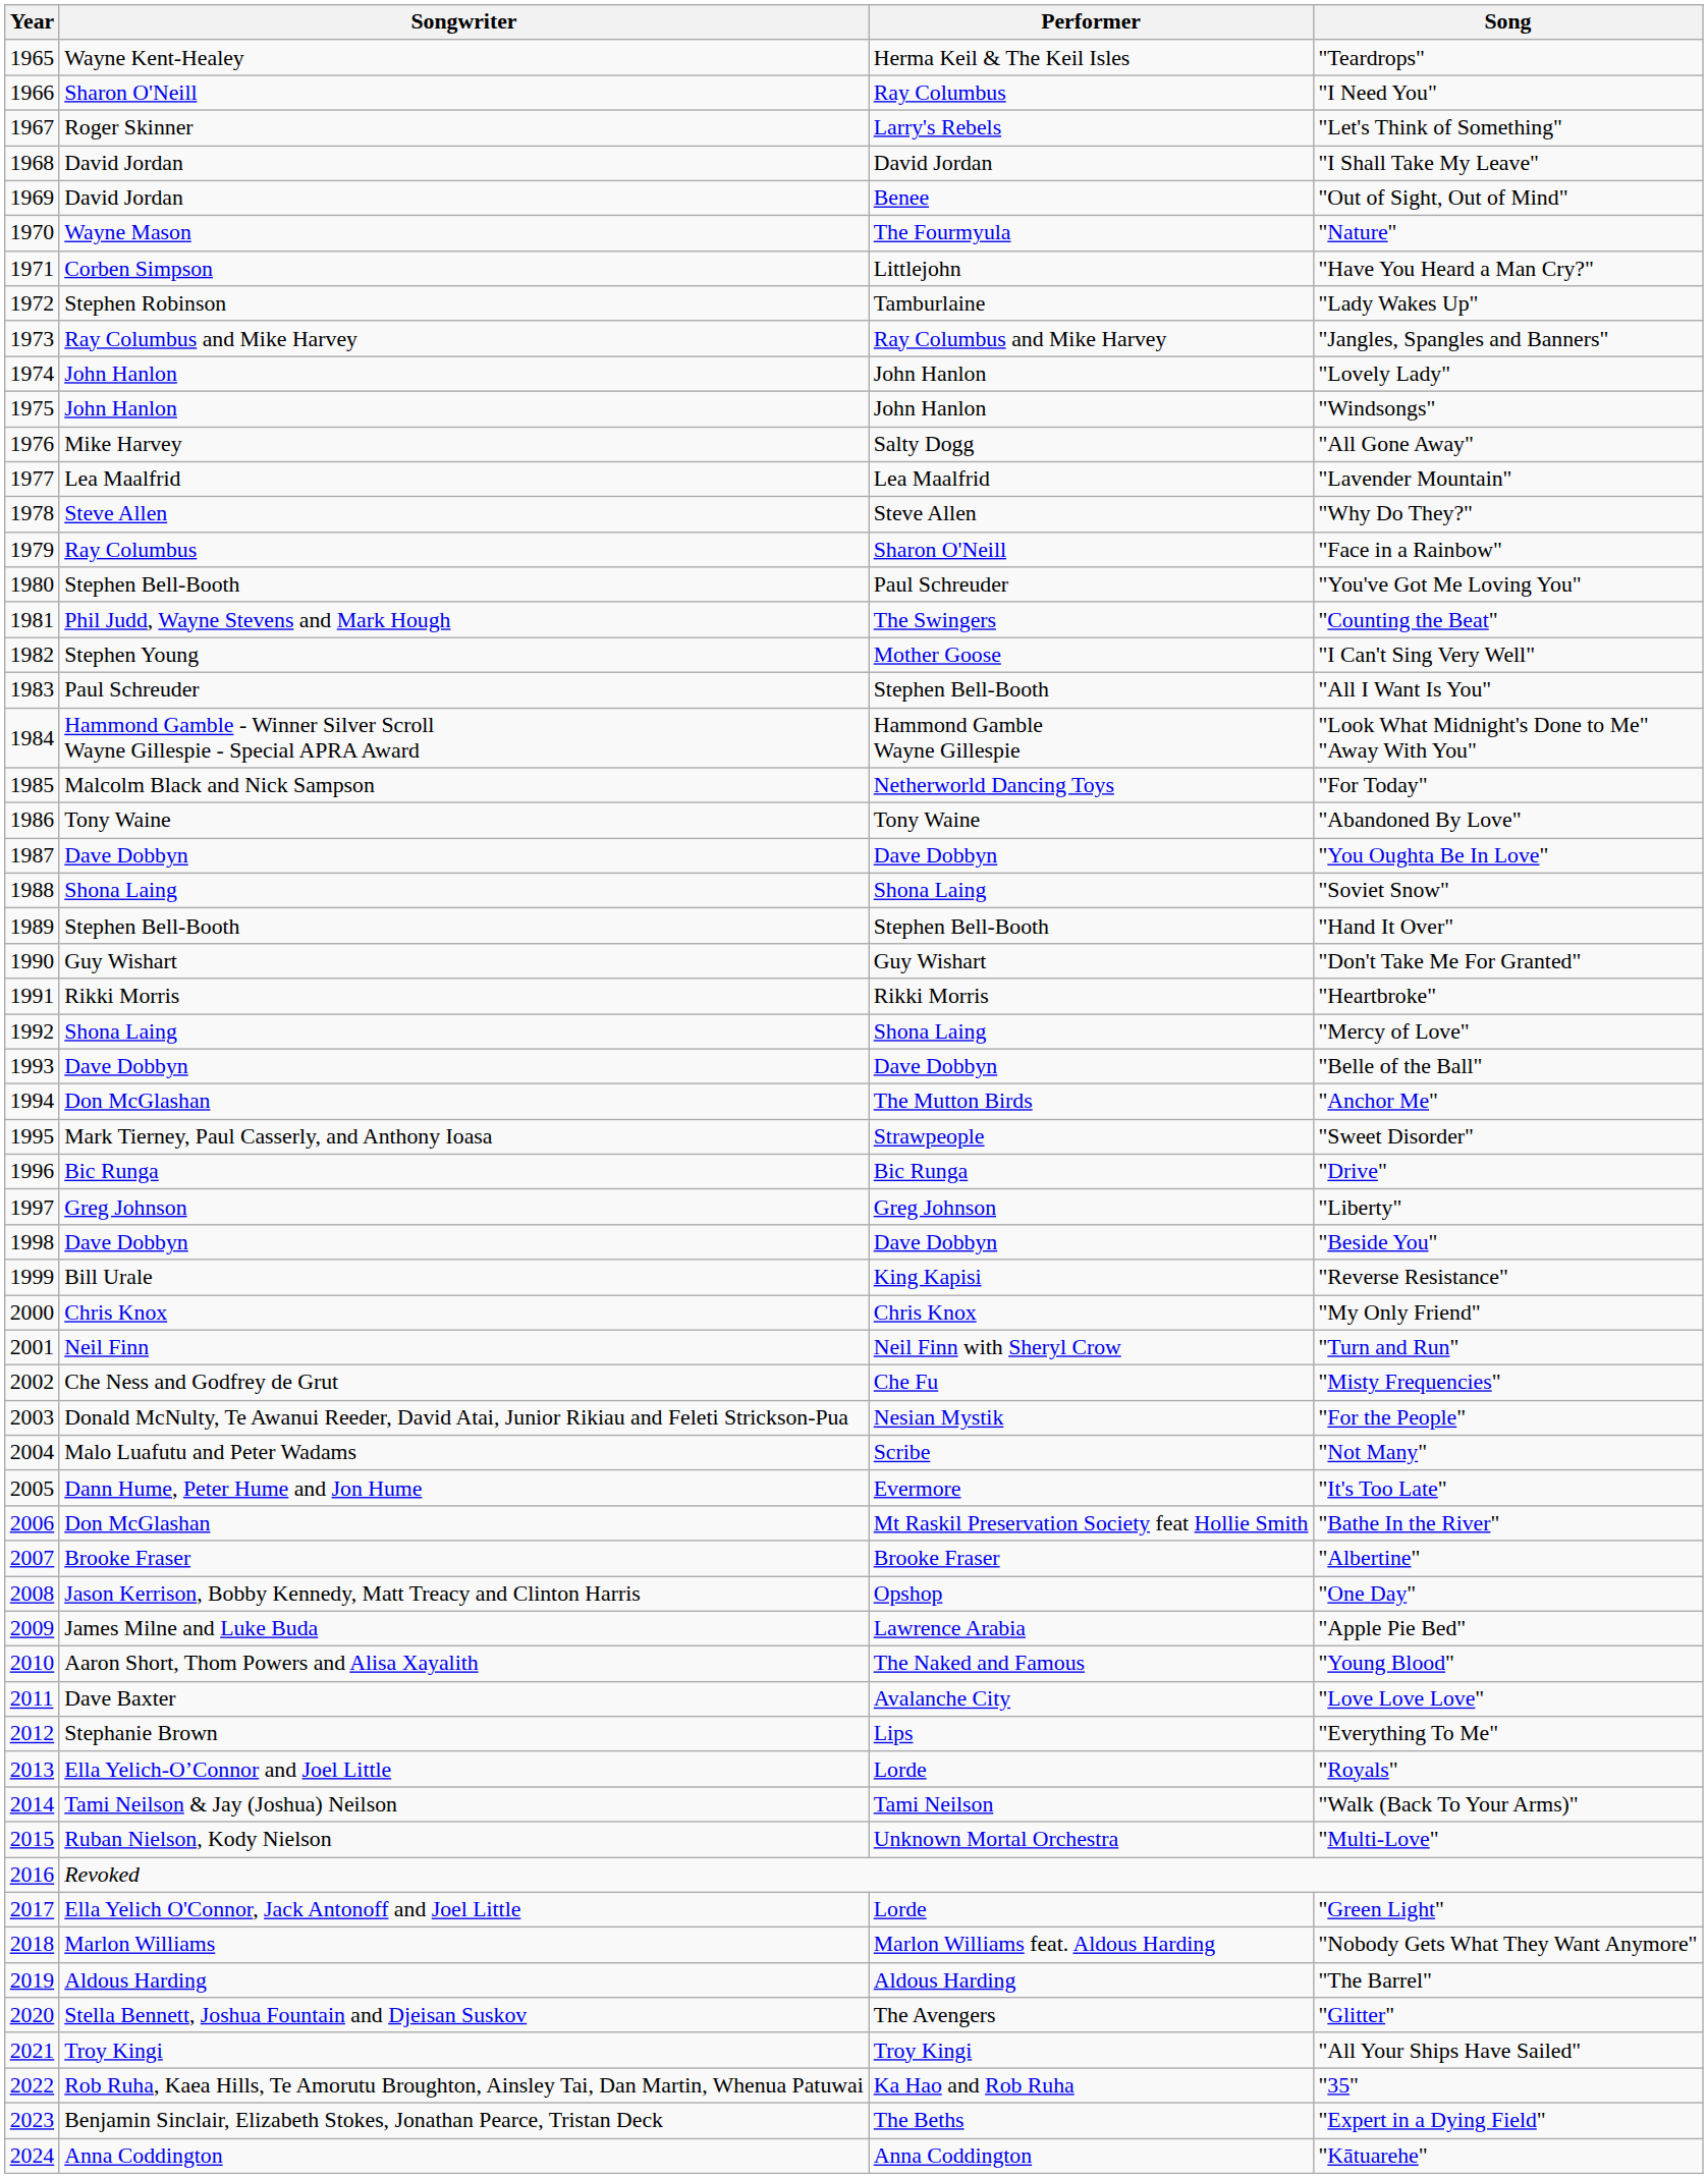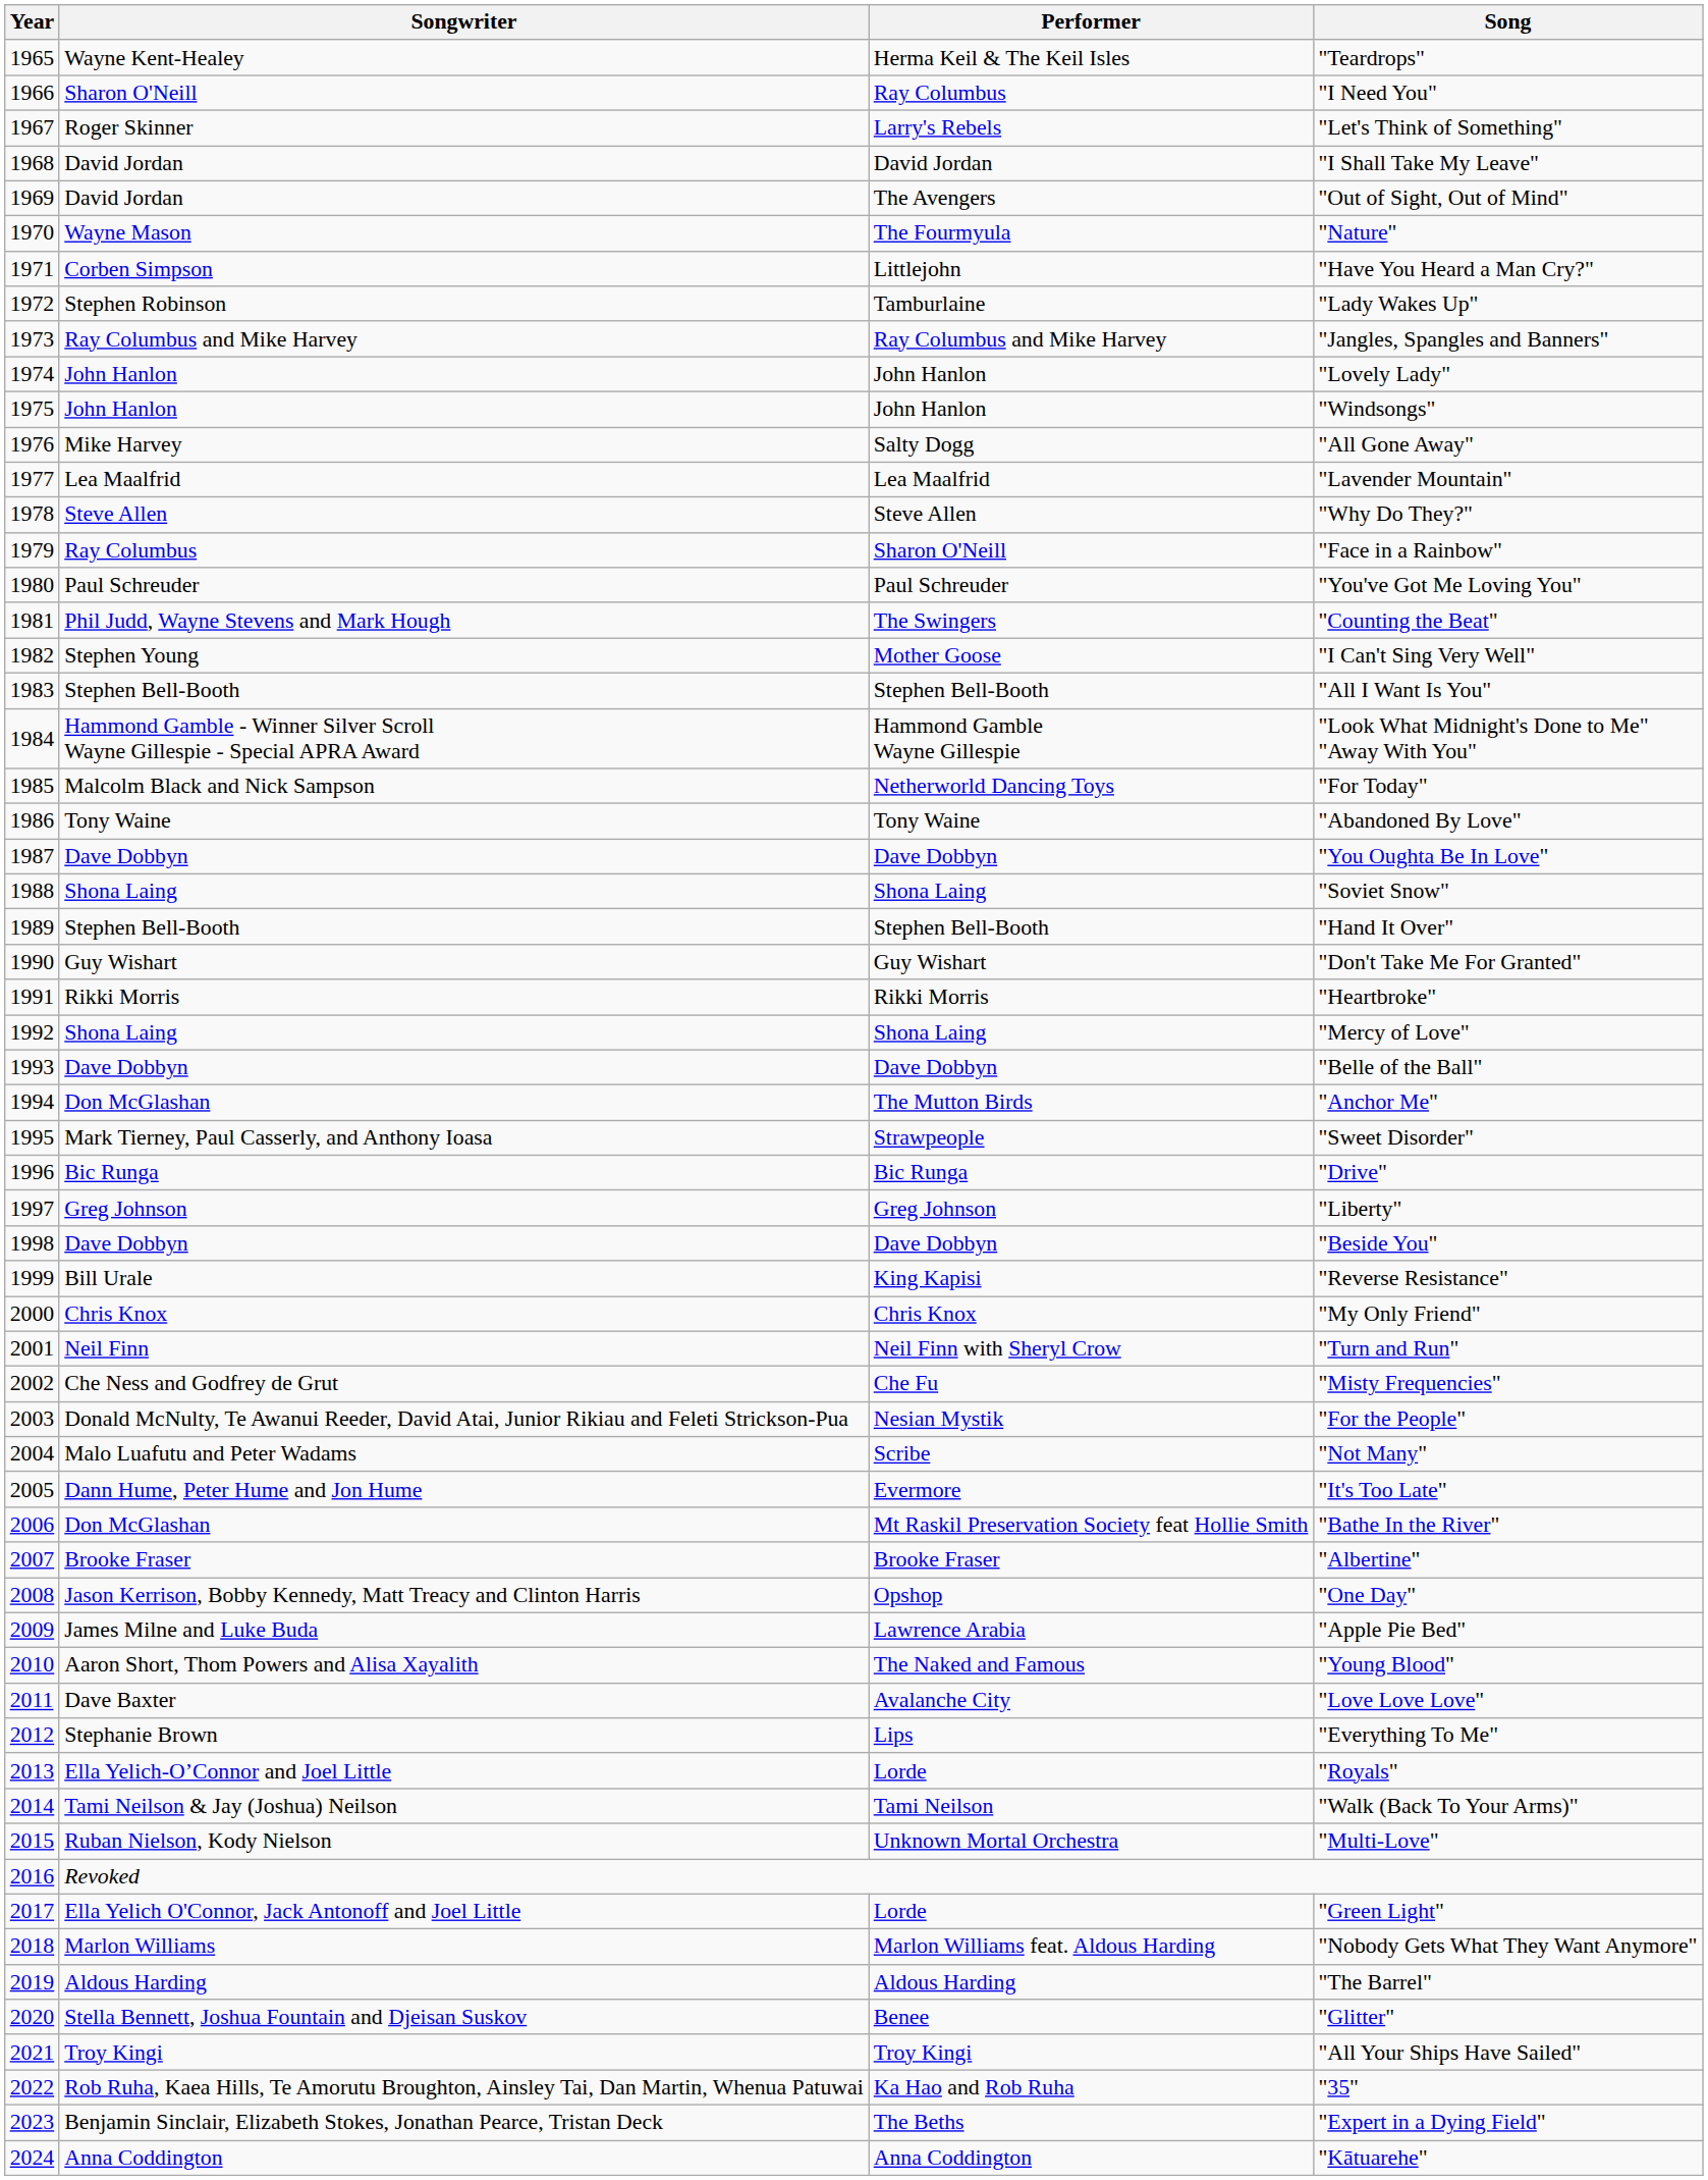 <table class="wikitable sortable">
 <tr>
 <th>Year</th>
 <th>Songwriter</th>
 <th>Performer</th>
 <th>Song</th>
 </tr>
 <tr>
 <td>1965</td>
 <td>Wayne Kent-Healey</td>
 <td>Herma Keil & The Keil Isles</td>
 <td>"Teardrops"</td>
 </tr>
 <tr>
 <td>1966</td>
 <td><a href='#'>Sharon O'Neill</a></td>
 <td><a href='#'>Ray Columbus</a></td>
 <td>"I Need You"</td>
 </tr>
 <tr>
 <td>1967</td>
 <td>Roger Skinner</td>
 <td><a href='#'>Larry's Rebels</a></td>
 <td>"Let's Think of Something"</td>
 </tr>
 <tr>
 <td>1968</td>
 <td>David Jordan</td>
 <td>David Jordan</td>
 <td>"I Shall Take My Leave"</td>
 </tr>
 <tr>
 <td>1969</td>
 <td>David Jordan</td>
-<td><a href='#'>Benee</a></td>
+<td>The Avengers</td>
 <td>"Out of Sight, Out of Mind"</td>
 </tr>
 <tr>
 <td>1970</td>
 <td><a href='#'>Wayne Mason</a></td>
 <td><a href='#'>The Fourmyula</a></td>
 <td>"<a href='#'>Nature</a>"</td>
 </tr>
 <tr>
 <td>1971</td>
 <td><a href='#'>Corben Simpson</a></td>
 <td>Littlejohn</td>
 <td>"Have You Heard a Man Cry?"</td>
 </tr>
 <tr>
 <td>1972</td>
 <td>Stephen Robinson</td>
 <td>Tamburlaine</td>
 <td>"Lady Wakes Up"</td>
 </tr>
 <tr>
 <td>1973</td>
 <td><a href='#'>Ray Columbus</a> and Mike Harvey</td>
 <td><a href='#'>Ray Columbus</a> and Mike Harvey</td>
 <td>"Jangles, Spangles and Banners"</td>
 </tr>
 <tr>
 <td>1974</td>
 <td><a href='#'>John Hanlon</a></td>
 <td>John Hanlon</td>
 <td>"Lovely Lady"</td>
 </tr>
 <tr>
 <td>1975</td>
 <td><a href='#'>John Hanlon</a></td>
 <td>John Hanlon</td>
 <td>"Windsongs"</td>
 </tr>
 <tr>
 <td>1976</td>
 <td>Mike Harvey</td>
 <td>Salty Dogg</td>
 <td>"All Gone Away"</td>
 </tr>
 <tr>
 <td>1977</td>
 <td>Lea Maalfrid</td>
 <td>Lea Maalfrid</td>
 <td>"Lavender Mountain"</td>
 </tr>
 <tr>
 <td>1978</td>
 <td><a href='#'>Steve Allen</a></td>
 <td>Steve Allen</td>
 <td>"Why Do They?"</td>
 </tr>
 <tr>
 <td>1979</td>
 <td><a href='#'>Ray Columbus</a></td>
 <td><a href='#'>Sharon O'Neill</a></td>
 <td>"Face in a Rainbow"</td>
 </tr>
 <tr>
 <td>1980</td>
-<td>Stephen Bell-Booth</td>
+<td>Paul Schreuder</td>
 <td>Paul Schreuder</td>
 <td>"You've Got Me Loving You"</td>
 </tr>
 <tr>
 <td>1981</td>
 <td><a href='#'>Phil Judd</a>, <a href='#'>Wayne Stevens</a> and <a href='#'>Mark Hough</a></td>
 <td><a href='#'>The Swingers</a></td>
 <td>"<a href='#'>Counting the Beat</a>"</td>
 </tr>
 <tr>
 <td>1982</td>
 <td>Stephen Young</td>
 <td><a href='#'>Mother Goose</a></td>
 <td>"I Can't Sing Very Well"</td>
 </tr>
 <tr>
 <td>1983</td>
-<td>Paul Schreuder</td>
+<td>Stephen Bell-Booth</td>
 <td>Stephen Bell-Booth</td>
 <td>"All I Want Is You"</td>
 </tr>
 <tr>
 <td>1984</td>
 <td><a href='#'>Hammond Gamble</a> - Winner Silver Scroll<br>Wayne Gillespie - Special APRA Award</td>
 <td>Hammond Gamble<br>Wayne Gillespie</td>
 <td>"Look What Midnight's Done to Me"<br>"Away With You"</td>
 </tr>
 <tr>
 <td>1985</td>
 <td>Malcolm Black and Nick Sampson</td>
 <td><a href='#'>Netherworld Dancing Toys</a></td>
 <td>"For Today"</td>
 </tr>
 <tr>
 <td>1986</td>
 <td>Tony Waine</td>
 <td>Tony Waine</td>
 <td>"Abandoned By Love"</td>
 </tr>
 <tr>
 <td>1987</td>
 <td><a href='#'>Dave Dobbyn</a></td>
 <td><a href='#'>Dave Dobbyn</a></td>
 <td>"<a href='#'>You Oughta Be In Love</a>"</td>
 </tr>
 <tr>
 <td>1988</td>
 <td><a href='#'>Shona Laing</a></td>
 <td><a href='#'>Shona Laing</a></td>
 <td>"Soviet Snow"</td>
 </tr>
 <tr>
 <td>1989</td>
 <td>Stephen Bell-Booth</td>
 <td>Stephen Bell-Booth</td>
 <td>"Hand It Over"</td>
 </tr>
 <tr>
 <td>1990</td>
 <td>Guy Wishart</td>
 <td>Guy Wishart</td>
 <td>"Don't Take Me For Granted"</td>
 </tr>
 <tr>
 <td>1991</td>
 <td>Rikki Morris</td>
 <td>Rikki Morris</td>
 <td>"Heartbroke"</td>
 </tr>
 <tr>
 <td>1992</td>
 <td><a href='#'>Shona Laing</a></td>
 <td><a href='#'>Shona Laing</a></td>
 <td>"Mercy of Love"</td>
 </tr>
 <tr>
 <td>1993</td>
 <td><a href='#'>Dave Dobbyn</a></td>
 <td><a href='#'>Dave Dobbyn</a></td>
 <td>"Belle of the Ball"</td>
 </tr>
 <tr>
 <td>1994</td>
 <td><a href='#'>Don McGlashan</a></td>
 <td><a href='#'>The Mutton Birds</a></td>
 <td>"<a href='#'>Anchor Me</a>"</td>
 </tr>
 <tr>
 <td>1995</td>
 <td>Mark Tierney, Paul Casserly, and Anthony Ioasa</td>
 <td><a href='#'>Strawpeople</a></td>
 <td>"Sweet Disorder"</td>
 </tr>
 <tr>
 <td>1996</td>
 <td><a href='#'>Bic Runga</a></td>
 <td><a href='#'>Bic Runga</a></td>
 <td>"<a href='#'>Drive</a>"</td>
 </tr>
 <tr>
 <td>1997</td>
 <td><a href='#'>Greg Johnson</a></td>
 <td><a href='#'>Greg Johnson</a></td>
 <td>"Liberty"</td>
 </tr>
 <tr>
 <td>1998</td>
 <td><a href='#'>Dave Dobbyn</a></td>
 <td><a href='#'>Dave Dobbyn</a></td>
 <td>"<a href='#'>Beside You</a>"</td>
 </tr>
 <tr>
 <td>1999</td>
 <td>Bill Urale</td>
 <td><a href='#'>King Kapisi</a></td>
 <td>"Reverse Resistance"</td>
 </tr>
 <tr>
 <td>2000</td>
 <td><a href='#'>Chris Knox</a></td>
 <td><a href='#'>Chris Knox</a></td>
 <td>"My Only Friend"</td>
 </tr>
 <tr>
 <td>2001</td>
 <td><a href='#'>Neil Finn</a></td>
 <td><a href='#'>Neil Finn</a> with <a href='#'>Sheryl Crow</a></td>
 <td>"<a href='#'>Turn and Run</a>"</td>
 </tr>
 <tr>
 <td>2002</td>
 <td>Che Ness and Godfrey de Grut</td>
 <td><a href='#'>Che Fu</a></td>
 <td>"<a href='#'>Misty Frequencies</a>"</td>
 </tr>
 <tr>
 <td>2003</td>
 <td>Donald McNulty, Te Awanui Reeder, David Atai, Junior Rikiau and Feleti Strickson-Pua</td>
 <td><a href='#'>Nesian Mystik</a></td>
 <td>"<a href='#'>For the People</a>"</td>
 </tr>
 <tr>
 <td>2004</td>
 <td>Malo Luafutu and Peter Wadams</td>
 <td><a href='#'>Scribe</a></td>
 <td>"<a href='#'>Not Many</a>"</td>
 </tr>
 <tr>
 <td>2005</td>
 <td><a href='#'>Dann Hume</a>, <a href='#'>Peter Hume</a> and <a href='#'>Jon Hume</a></td>
 <td><a href='#'>Evermore</a></td>
 <td>"<a href='#'>It's Too Late</a>"</td>
 </tr>
 <tr>
 <td><a href='#'>2006</a></td>
 <td><a href='#'>Don McGlashan</a></td>
 <td><a href='#'>Mt Raskil Preservation Society</a> feat <a href='#'>Hollie Smith</a></td>
 <td>"<a href='#'>Bathe In the River</a>"</td>
 </tr>
 <tr>
 <td><a href='#'>2007</a></td>
 <td><a href='#'>Brooke Fraser</a></td>
 <td><a href='#'>Brooke Fraser</a></td>
 <td>"<a href='#'>Albertine</a>"</td>
 </tr>
 <tr>
 <td><a href='#'>2008</a></td>
 <td><a href='#'>Jason Kerrison</a>, Bobby Kennedy, Matt Treacy and Clinton Harris</td>
 <td><a href='#'>Opshop</a></td>
 <td>"<a href='#'>One Day</a>"</td>
 </tr>
 <tr>
 <td><a href='#'>2009</a></td>
 <td>James Milne and <a href='#'>Luke Buda</a></td>
 <td><a href='#'>Lawrence Arabia</a></td>
 <td>"Apple Pie Bed"</td>
 </tr>
 <tr>
 <td><a href='#'>2010</a></td>
 <td>Aaron Short, Thom Powers and <a href='#'>Alisa Xayalith</a></td>
 <td><a href='#'>The Naked and Famous</a></td>
 <td>"<a href='#'>Young Blood</a>"</td>
 </tr>
 <tr>
 <td><a href='#'>2011</a></td>
 <td>Dave Baxter</td>
 <td><a href='#'>Avalanche City</a></td>
 <td>"<a href='#'>Love Love Love</a>"</td>
 </tr>
 <tr>
 <td><a href='#'>2012</a></td>
 <td>Stephanie Brown</td>
 <td><a href='#'>Lips</a></td>
 <td>"Everything To Me"</td>
 </tr>
 <tr>
 <td><a href='#'>2013</a></td>
 <td><a href='#'>Ella Yelich-O’Connor</a> and <a href='#'>Joel Little</a></td>
 <td><a href='#'>Lorde</a></td>
 <td>"<a href='#'>Royals</a>"</td>
 </tr>
 <tr>
 <td><a href='#'>2014</a></td>
 <td><a href='#'>Tami Neilson</a> & Jay (Joshua) Neilson</td>
 <td><a href='#'>Tami Neilson</a></td>
 <td>"Walk (Back To Your Arms)"</td>
 </tr>
 <tr>
 <td><a href='#'>2015</a></td>
 <td><a href='#'>Ruban Nielson</a>, Kody Nielson</td>
 <td><a href='#'>Unknown Mortal Orchestra</a></td>
 <td>"<a href='#'>Multi-Love</a>"</td>
 </tr>
 <tr>
 <td><a href='#'>2016</a></td>
 <td colspan="3"><em>Revoked</em></td>
 </tr>
 <tr>
 <td><a href='#'>2017</a></td>
 <td><a href='#'>Ella Yelich O'Connor</a>, <a href='#'>Jack Antonoff</a> and <a href='#'>Joel Little</a></td>
 <td><a href='#'>Lorde</a></td>
 <td>"<a href='#'>Green Light</a>"</td>
 </tr>
 <tr>
 <td><a href='#'>2018</a></td>
 <td><a href='#'>Marlon Williams</a></td>
 <td><a href='#'>Marlon Williams</a> feat. <a href='#'>Aldous Harding</a></td>
 <td>"Nobody Gets What They Want Anymore"</td>
 </tr>
 <tr>
 <td><a href='#'>2019</a></td>
 <td><a href='#'>Aldous Harding</a></td>
 <td><a href='#'>Aldous Harding</a></td>
 <td>"The Barrel"</td>
 </tr>
 <tr>
 <td><a href='#'>2020</a></td>
 <td><a href='#'>Stella Bennett</a>, <a href='#'>Joshua Fountain</a> and <a href='#'>Djeisan Suskov</a></td>
-<td>The Avengers</td>
+<td><a href='#'>Benee</a></td>
 <td>"<a href='#'>Glitter</a>"</td>
 </tr>
 <tr>
 <td><a href='#'>2021</a></td>
 <td><a href='#'>Troy Kingi</a></td>
 <td><a href='#'>Troy Kingi</a></td>
 <td>"All Your Ships Have Sailed"</td>
 </tr>
 <tr>
 <td><a href='#'>2022</a></td>
 <td><a href='#'>Rob Ruha</a>, Kaea Hills, Te Amorutu Broughton, Ainsley Tai, Dan Martin, Whenua Patuwai</td>
 <td><a href='#'>Ka Hao</a> and <a href='#'>Rob Ruha</a></td>
 <td>"<a href='#'>35</a>"</td>
 </tr>
 <tr>
 <td><a href='#'>2023</a></td>
 <td>Benjamin Sinclair, Elizabeth Stokes, Jonathan Pearce, Tristan Deck</td>
 <td><a href='#'>The Beths</a></td>
 <td>"<a href='#'>Expert in a Dying Field</a>"</td>
 </tr>
 <tr>
 <td><a href='#'>2024</a></td>
 <td><a href='#'>Anna Coddington</a></td>
 <td><a href='#'>Anna Coddington</a></td>
 <td>"<a href='#'>Kātuarehe</a>"</td>
 </tr>
 </table>
